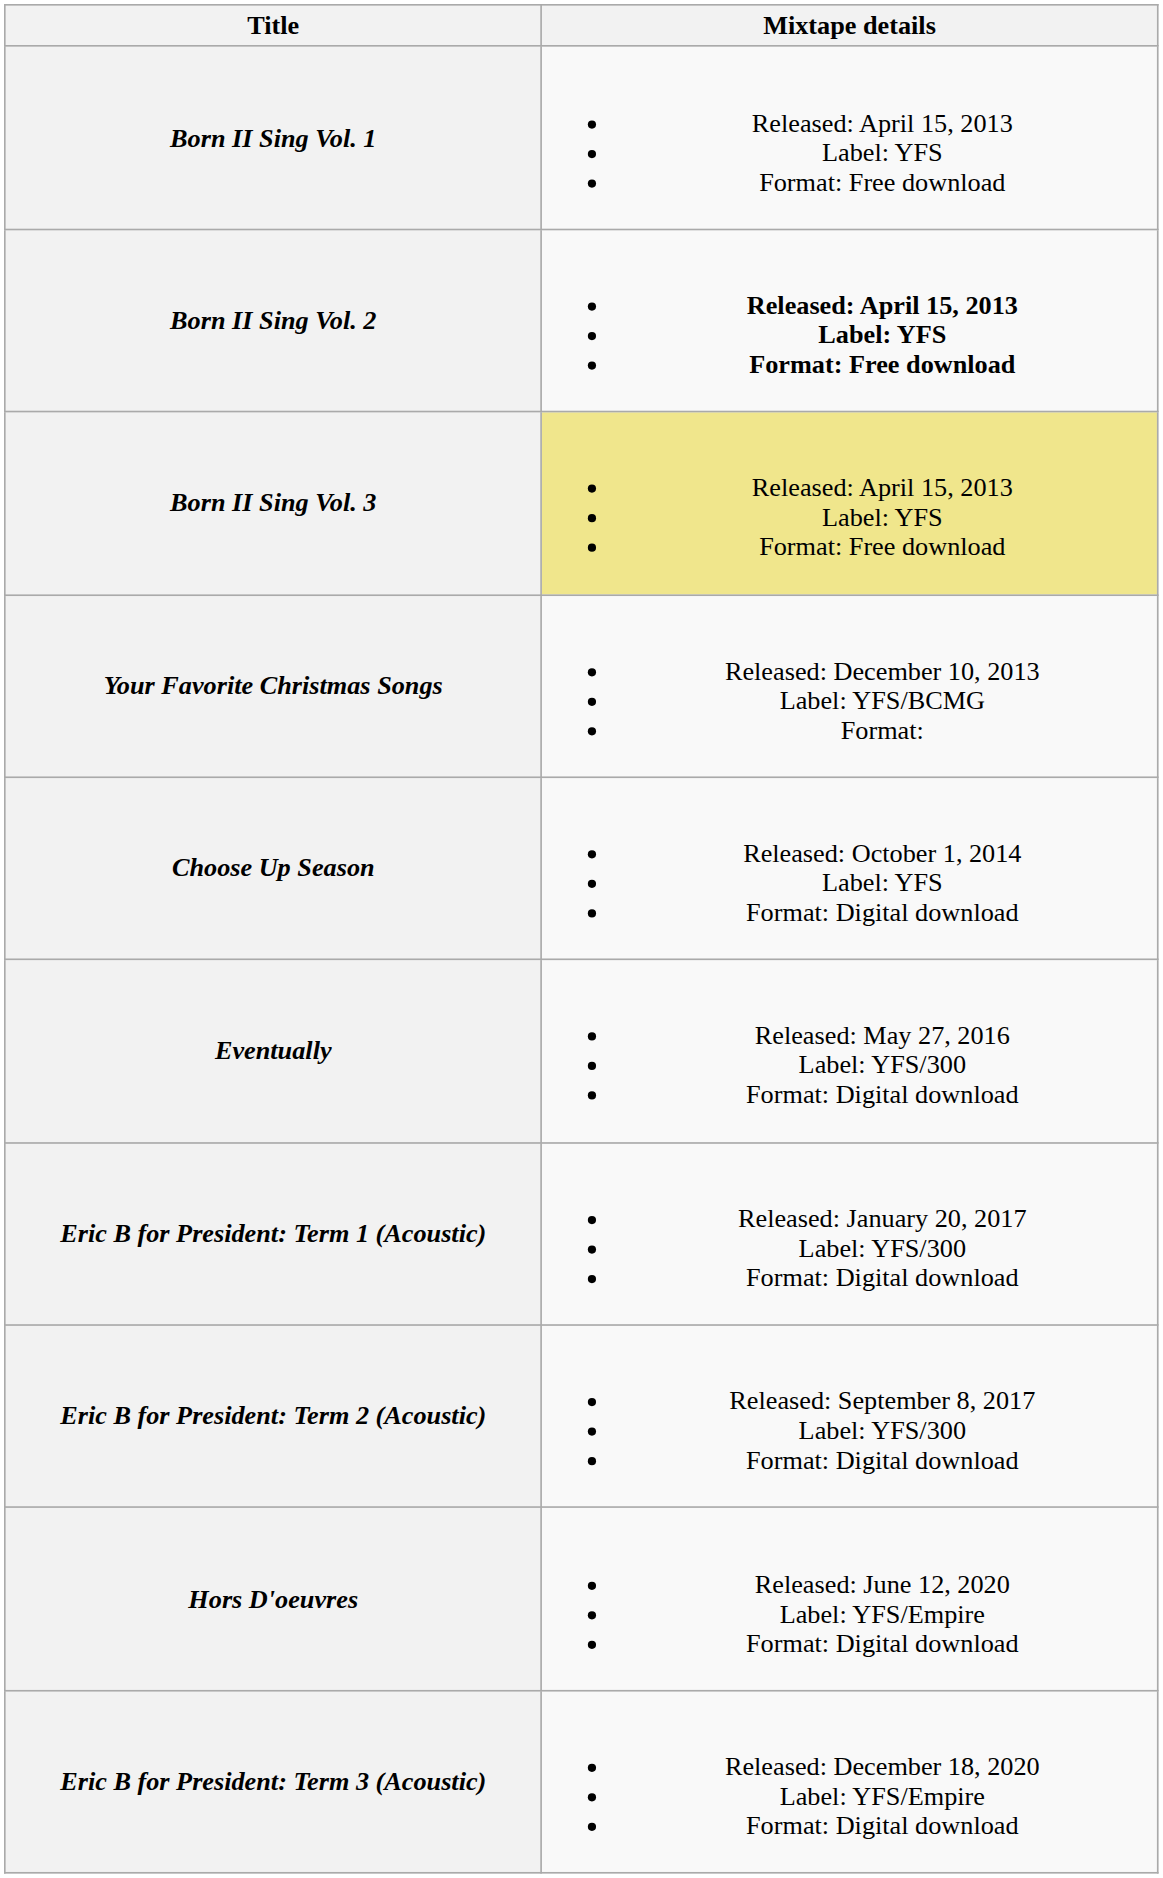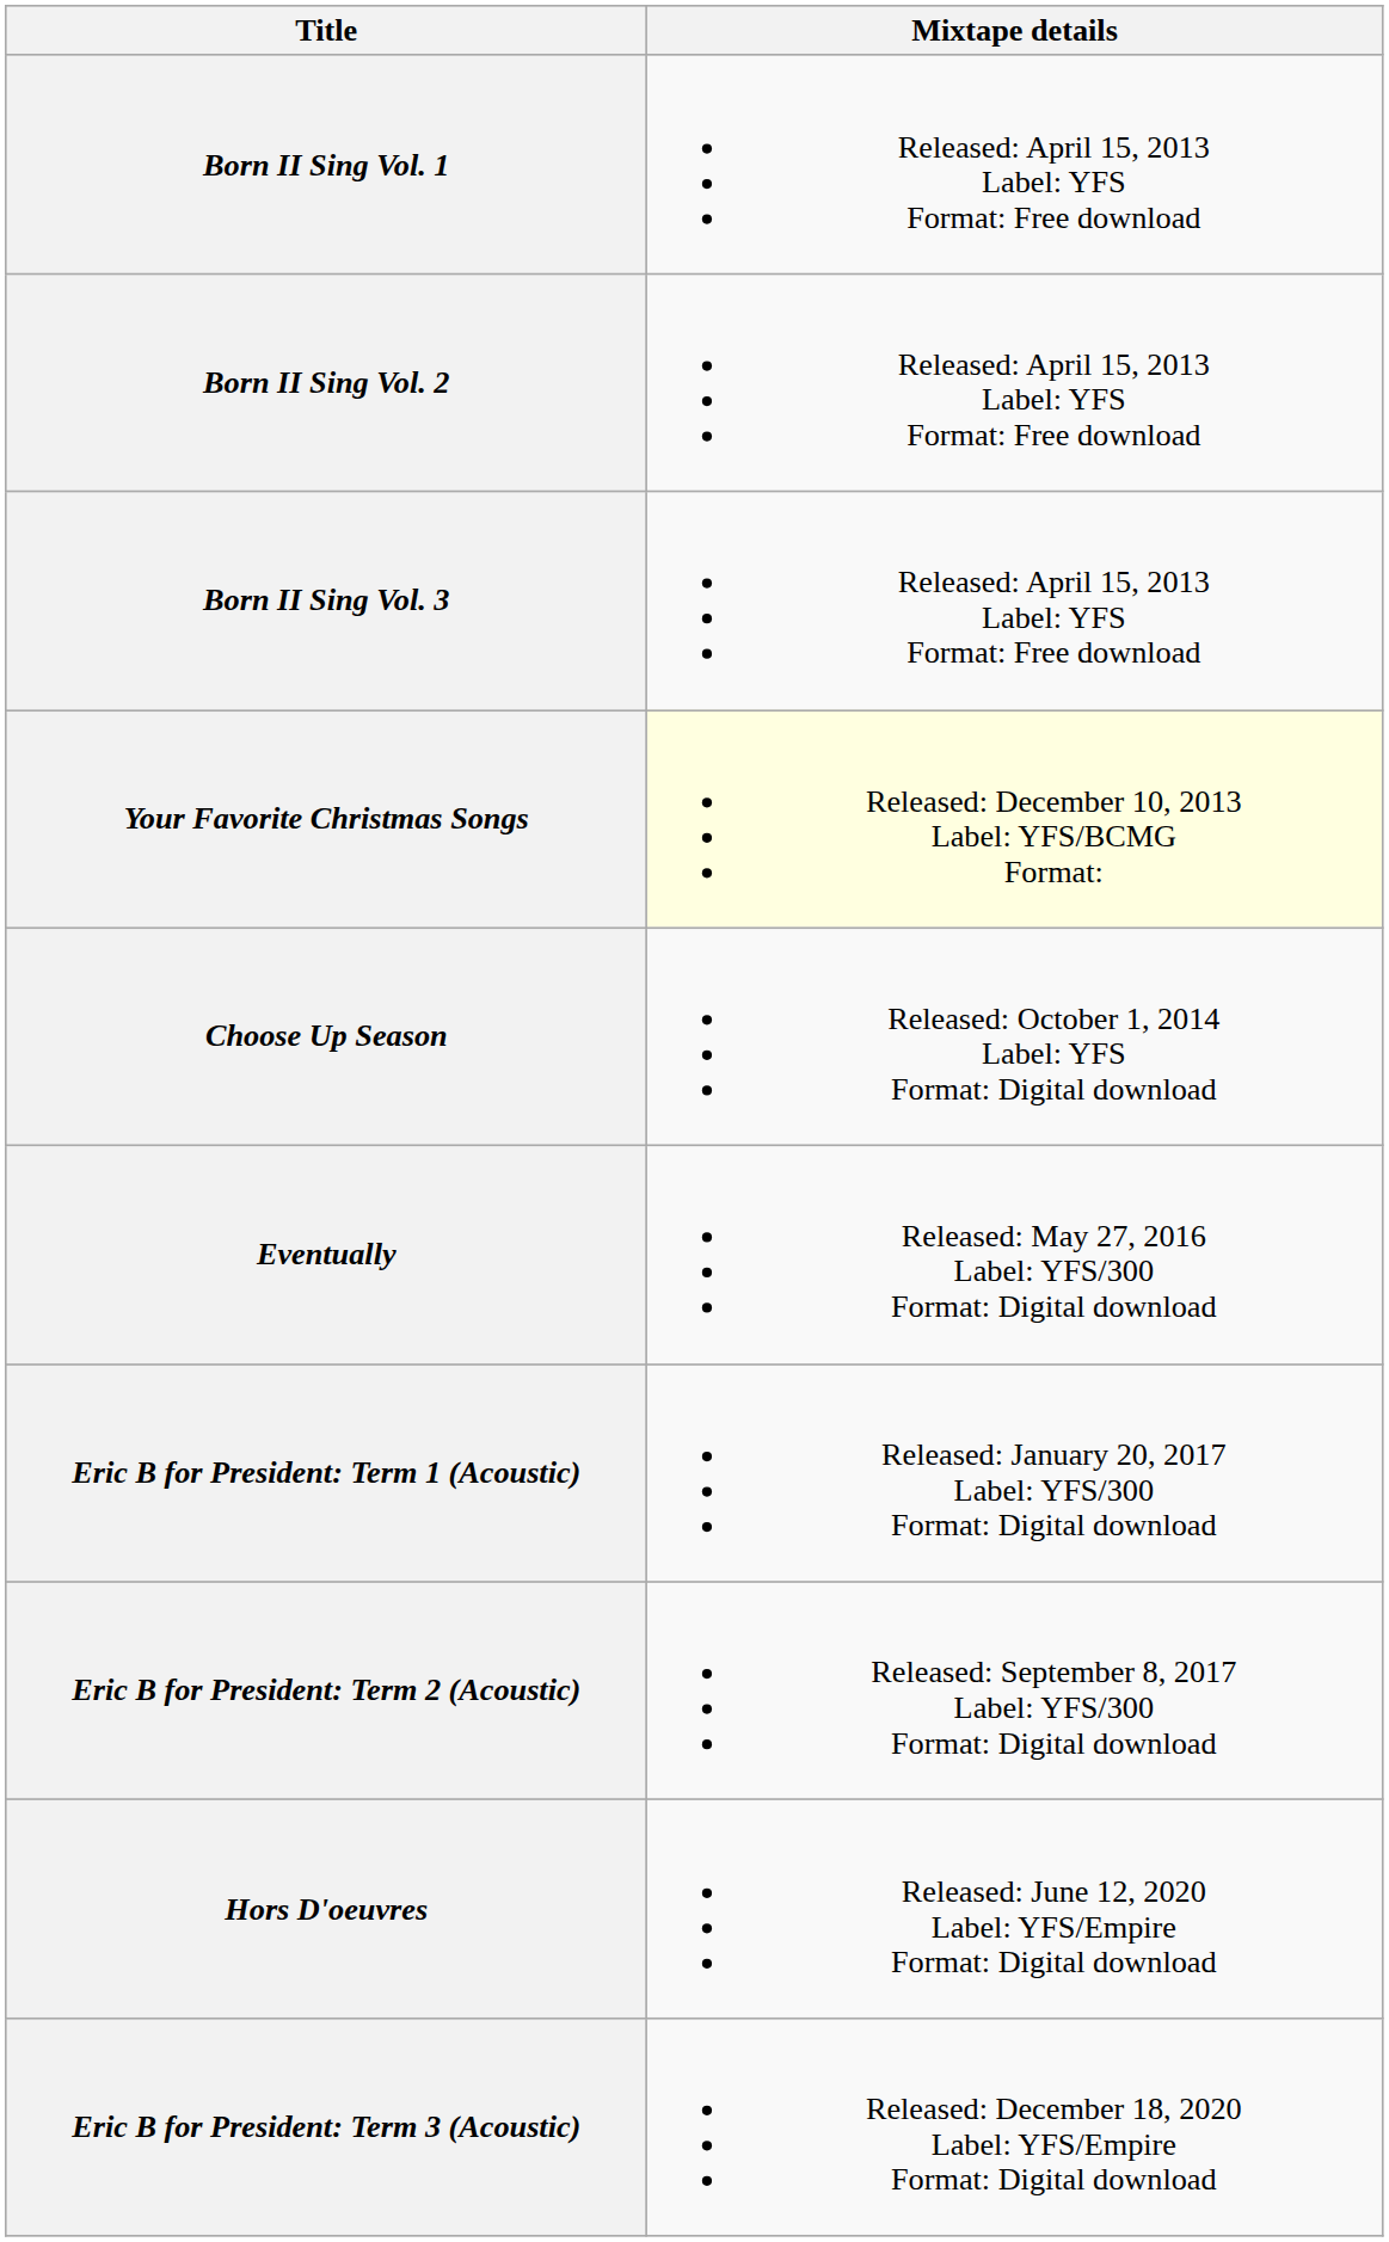 <table class="wikitable plainrowheaders" style="text-align:center;">
 <tr>
 <th scope="col" style="width:20em;">Title</th>
 <th scope="col" style="width:23em;">Mixtape details</th>
 </tr>
 <tr>
 <th scope="row"><em>Born II Sing Vol. 1</em></th>
 <td><br><ul><li>Released: April 15, 2013</li><li>Label: YFS</li><li>Format: Free download</li></ul></td>
 </tr>
 <tr>
 <th scope="row"><em>Born II Sing Vol. 2</em></th>
-<td><strong><br><ul><li>Released: April 15, 2013</li><li>Label: YFS</li><li>Format: Free download</li></ul></strong></td>
+<td><br><ul><li>Released: April 15, 2013</li><li>Label: YFS</li><li>Format: Free download</li></ul></td>
 </tr>
 <tr>
 <th scope="row"><em>Born II Sing Vol. 3</em></th>
-<td style="background: khaki;"><br><ul><li>Released: April 15, 2013</li><li>Label: YFS</li><li>Format: Free download</li></ul></td>
+<td><br><ul><li>Released: April 15, 2013</li><li>Label: YFS</li><li>Format: Free download</li></ul></td>
 </tr>
 <tr>
 <th scope="row"><em>Your Favorite Christmas Songs</em></th>
-<td><br><ul><li>Released: December 10, 2013</li><li>Label: YFS/BCMG</li><li>Format:</li></ul></td>
+<td style="background: lightyellow;"><br><ul><li>Released: December 10, 2013</li><li>Label: YFS/BCMG</li><li>Format:</li></ul></td>
 </tr>
 <tr>
 <th scope="row"><em>Choose Up Season</em></th>
 <td><br><ul><li>Released: October 1, 2014</li><li>Label: YFS</li><li>Format: Digital download</li></ul></td>
 </tr>
 <tr>
 <th scope="row"><em>Eventually</em></th>
 <td><br><ul><li>Released: May 27, 2016</li><li>Label: YFS/300</li><li>Format: Digital download</li></ul></td>
 </tr>
 <tr>
 <th scope="row"><em>Eric B for President: Term 1 (Acoustic)</em></th>
 <td><br><ul><li>Released: January 20, 2017</li><li>Label: YFS/300</li><li>Format: Digital download</li></ul></td>
 </tr>
 <tr>
 <th scope="row"><em>Eric B for President: Term 2 (Acoustic)</em></th>
 <td><br><ul><li>Released: September 8, 2017</li><li>Label: YFS/300</li><li>Format: Digital download</li></ul></td>
 </tr>
 <tr>
 <th scope="row"><em>Hors D'oeuvres</em></th>
 <td><br><ul><li>Released: June 12, 2020</li><li>Label: YFS/Empire</li><li>Format: Digital download</li></ul></td>
 </tr>
 <tr>
 <th scope="row"><em>Eric B for President: Term 3 (Acoustic)</em></th>
 <td><br><ul><li>Released: December 18, 2020</li><li>Label: YFS/Empire</li><li>Format: Digital download</li></ul></td>
 </tr>
 </table>
